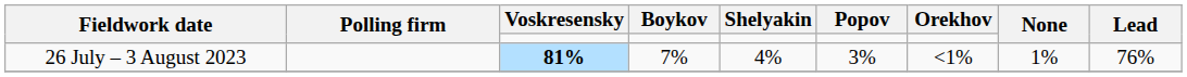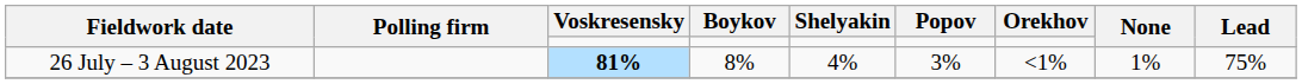 <table class=wikitable style="font-size:95%; line-height:14px; text-align:center">
 <tr>
 <th style=width:200px; rowspan=2>Fieldwork date</th>
 <th style=width:150px; rowspan=2>Polling firm</th>
 <th style="width:60px;">Voskresensky</th>
 <th style="width:60px;">Boykov</th>
 <th style="width:60px;">Shelyakin</th>
 <th style="width:60px;">Popov</th>
 <th style="width:60px;">Orekhov</th>
 <th style="width:60px;" rowspan=2>None</th>
 <th style="width:60px;" rowspan="2">Lead</th>
 </tr>
 <tr>
 <td bgcolor=></td>
 <td bgcolor=></td>
 <td bgcolor=></td>
 <td bgcolor=></td>
 <td bgcolor=></td>
 </tr>
 <tr>
 <td>26 July – 3 August 2023</td>
 <td></td>
 <td style="background:#B3E0FF"><strong>81%</strong></td>
-<td>7%</td>
+<td>8%</td>
 <td>4%</td>
 <td>3%</td>
 <td><1%</td>
 <td>1%</td>
-<td style="background:">76%</td>
+<td style="background:">75%</td>
 </tr>
 <tr>
 </tr>
 </table>
